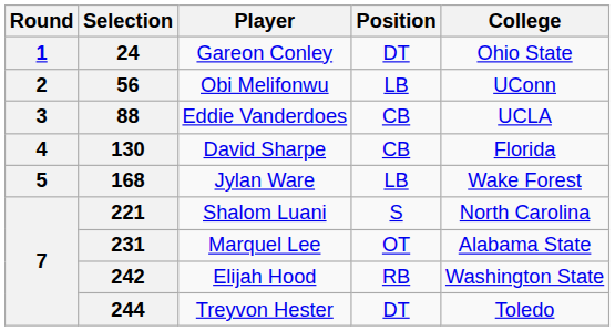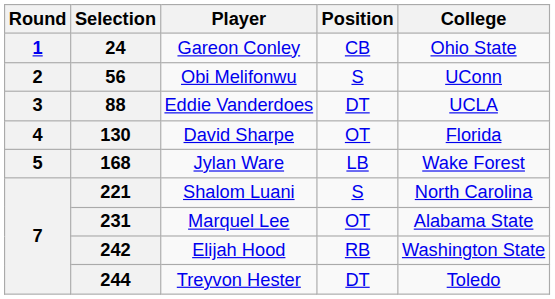 <table class="wikitable" style="text-align:center">
 <tr>
 <th>Round</th>
 <th>Selection</th>
 <th>Player</th>
 <th>Position</th>
 <th>College</th>
 </tr>
 <tr>
 <th><a href='#'>1</a></th>
 <th>24</th>
 <td><a href='#'>Gareon Conley</a></td>
-<td><a href='#'>DT</a></td>
+<td><a href='#'>CB</a></td>
 <td><a href='#'>Ohio State</a></td>
 </tr>
 <tr>
 <th>2</th>
 <th>56</th>
 <td><a href='#'>Obi Melifonwu</a></td>
-<td><a href='#'>LB</a></td>
+<td><a href='#'>S</a></td>
 <td><a href='#'>UConn</a></td>
 </tr>
 <tr>
 <th>3</th>
 <th>88</th>
 <td><a href='#'>Eddie Vanderdoes</a></td>
-<td><a href='#'>CB</a></td>
+<td><a href='#'>DT</a></td>
 <td><a href='#'>UCLA</a></td>
 </tr>
 <tr>
 <th>4</th>
 <th>130</th>
 <td><a href='#'>David Sharpe</a></td>
-<td><a href='#'>CB</a></td>
+<td><a href='#'>OT</a></td>
 <td><a href='#'>Florida</a></td>
 </tr>
 <tr>
 <th>5</th>
 <th>168</th>
 <td><a href='#'>Jylan Ware</a></td>
 <td><a href='#'>LB</a></td>
 <td><a href='#'>Wake Forest</a></td>
 </tr>
 <tr>
 <th rowspan=4>7</th>
 <th>221</th>
 <td><a href='#'>Shalom Luani</a></td>
 <td><a href='#'>S</a></td>
 <td><a href='#'>North Carolina</a></td>
 </tr>
 <tr>
 <th>231</th>
 <td><a href='#'>Marquel Lee</a></td>
 <td><a href='#'>OT</a></td>
 <td><a href='#'>Alabama State</a></td>
 </tr>
 <tr>
 <th>242</th>
 <td><a href='#'>Elijah Hood</a></td>
 <td><a href='#'>RB</a></td>
 <td><a href='#'>Washington State</a></td>
 </tr>
 <tr>
 <th>244</th>
 <td><a href='#'>Treyvon Hester</a></td>
 <td><a href='#'>DT</a></td>
 <td><a href='#'>Toledo</a></td>
 </tr>
 </table>
